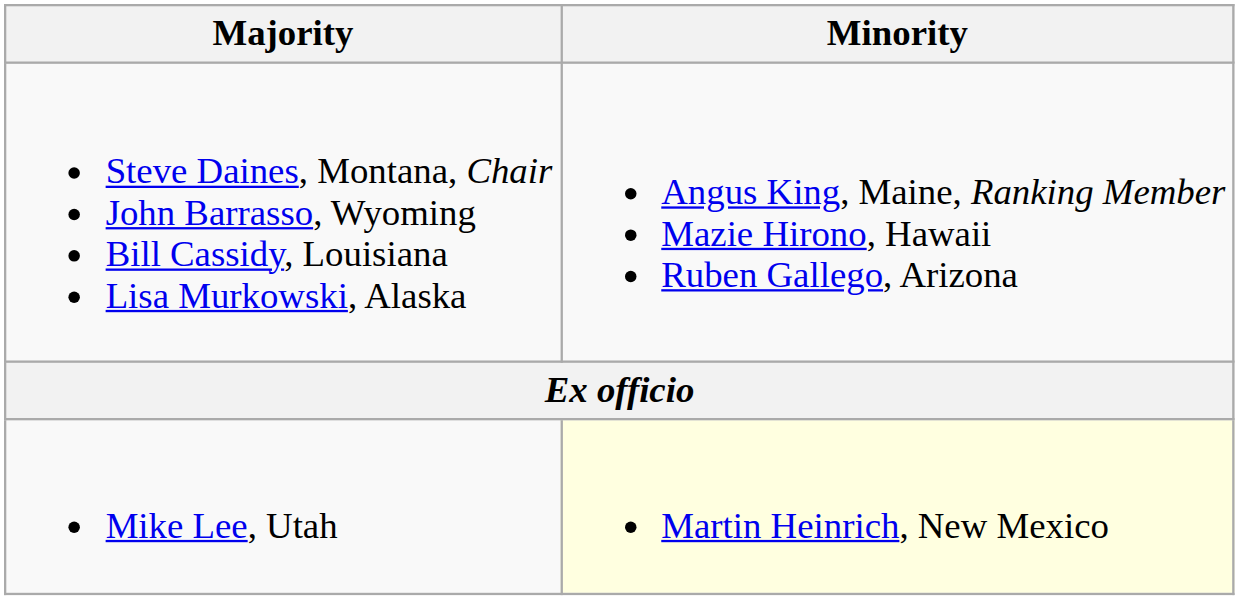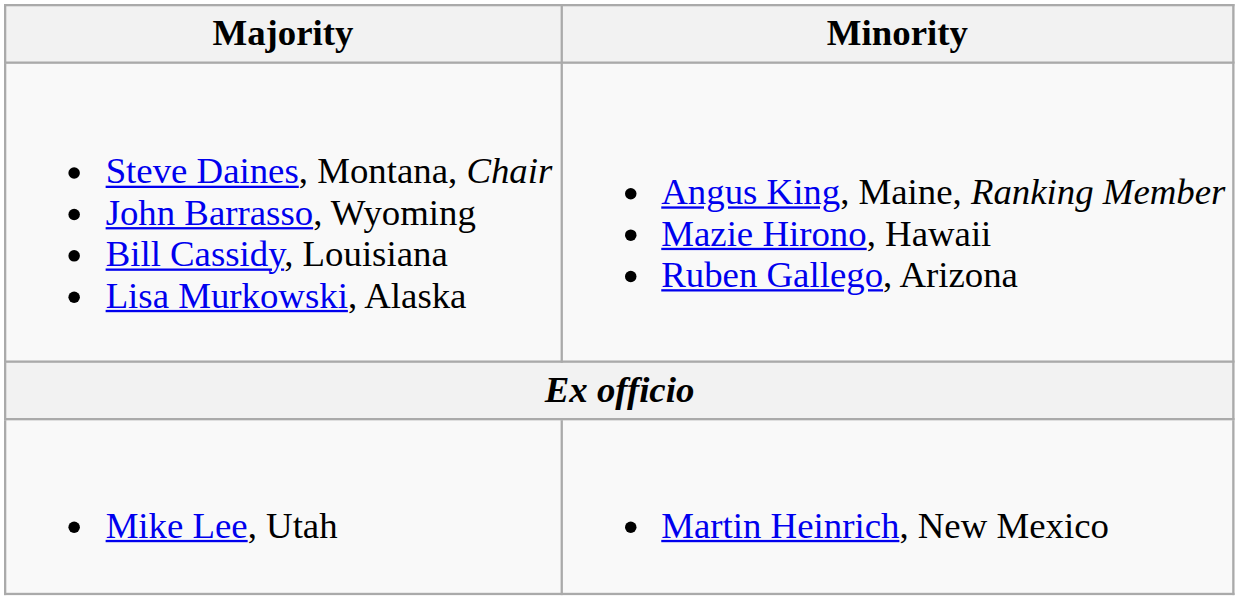 <table class=wikitable>
 <tr>
 <th>Majority</th>
 <th>Minority</th>
 </tr>
 <tr>
 <td><br><ul><li><a href='#'>Steve Daines</a>, Montana, <em>Chair</em></li><li><a href='#'>John Barrasso</a>, Wyoming</li><li><a href='#'>Bill Cassidy</a>, Louisiana</li><li><a href='#'>Lisa Murkowski</a>, Alaska</li></ul></td>
 <td><br><ul><li><span><a href='#'>Angus King</a>, Maine, <em>Ranking Member</em></span></li><li><a href='#'>Mazie Hirono</a>, Hawaii</li><li><a href='#'>Ruben Gallego</a>, Arizona</li></ul></td>
 </tr>
 <tr>
 <th colspan=2><em>Ex officio</em></th>
 </tr>
 <tr>
 <td><br><ul><li><a href='#'>Mike Lee</a>, Utah</li></ul></td>
-<td style="background: lightyellow;"><br><ul><li><a href='#'>Martin Heinrich</a>, New Mexico</li></ul></td>
+<td><br><ul><li><a href='#'>Martin Heinrich</a>, New Mexico</li></ul></td>
 </tr>
 </table>
